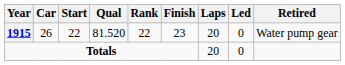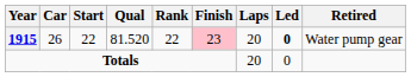 <table class="wikitable" style="text-align:center">
 <tr>
 <th>Year</th>
 <th>Car</th>
 <th>Start</th>
 <th>Qual</th>
 <th>Rank</th>
 <th>Finish</th>
 <th>Laps</th>
 <th>Led</th>
 <th>Retired</th>
 </tr>
 <tr>
 <th><a href='#'>1915</a></th>
 <td>26</td>
 <td>22</td>
 <td>81.520</td>
 <td>22</td>
-<td>23</td>
+<td style="background: pink;">23</td>
 <td>20</td>
-<td>0</td>
+<td><strong>0</strong></td>
 <td>Water pump gear</td>
 </tr>
 <tr>
 <td colspan=6><strong>Totals</strong></td>
 <td>20</td>
 <td>0</td>
 <td></td>
 </tr>
 </table>
